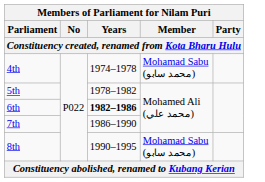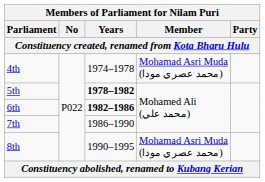 <table class=wikitable>
 <tr>
 <th colspan="5">Members of Parliament for Nilam Puri</th>
 </tr>
 <tr>
 <th>Parliament</th>
 <th>No</th>
 <th>Years</th>
 <th>Member</th>
 <th>Party</th>
 </tr>
 <tr>
 <th colspan="5" align="center"><em>Constituency created, renamed from <a href='#'>Kota Bharu Hulu</a></em></th>
 </tr>
 <tr>
 <td><a href='#'>4th</a></td>
 <td rowspan="5">P022</td>
 <td>1974–1978</td>
-<td><a href='#'>Mohamad Sabu</a>  <br> (محمد سابو)</td>
+<td><a href='#'>Mohamad Asri Muda</a>  <br> (محمد عصري مودا)</td>
 <td></td>
 </tr>
 <tr>
 <td><a href='#'>5th</a></td>
-<td>1978–1982</td>
+<td><strong>1978–1982</strong></td>
 <td rowspan="3">Mohamed Ali <br>  (محمد علي)</td>
 <td rowspan="3"></td>
 </tr>
 <tr>
 <td><a href='#'>6th</a></td>
 <td><strong>1982–1986</strong></td>
 </tr>
 <tr>
 <td><a href='#'>7th</a></td>
 <td>1986–1990</td>
 </tr>
 <tr>
 <td><a href='#'>8th</a></td>
 <td>1990–1995</td>
-<td><a href='#'>Mohamad Sabu</a>  <br> (محمد سابو)</td>
+<td><a href='#'>Mohamad Asri Muda</a>  <br> (محمد عصري مودا)</td>
 <td></td>
 </tr>
 <tr>
 <th colspan="5" align="center"><em>Constituency abolished, renamed to <a href='#'>Kubang Kerian</a></em></th>
 </tr>
 </table>
